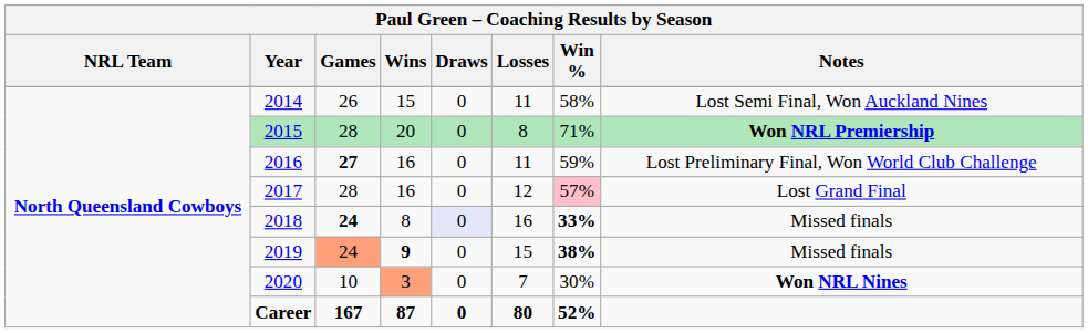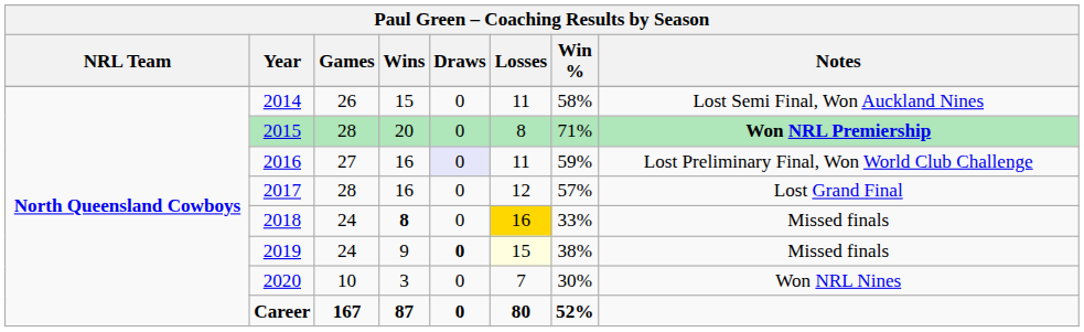 <table class="wikitable">
 <tr border=1 cellpadding=5 cellspacing=0|- align=center style="background:#EFEFEF;">
 </tr>
 <tr>
 <th colspan="8"><strong>Paul Green – Coaching Results by Season</strong></th>
 </tr>
 <tr>
 <th width="200">NRL Team</th>
 <th width="30">Year</th>
 <th width="30">Games</th>
 <th width="30">Wins</th>
 <th width="30">Draws</th>
 <th width="30">Losses</th>
 <th width="30">Win %</th>
 <th width="400">Notes</th>
 </tr>
 <tr align=center>
 </tr>
 <tr align=center style=>
 </tr>
 <tr align=center style=>
 <td rowspan="8"><strong><a href='#'>North Queensland Cowboys</a></strong></td>
 <td><a href='#'>2014</a></td>
 <td>26</td>
 <td>15</td>
 <td>0</td>
 <td>11</td>
 <td>58%</td>
 <td>Lost Semi Final, Won <a href='#'>Auckland Nines</a></td>
 </tr>
 <tr align=center style="background:#afe6ba;">
 <td><a href='#'>2015</a></td>
 <td>28</td>
 <td>20</td>
 <td>0</td>
 <td>8</td>
 <td>71%</td>
 <td><strong>Won <a href='#'>NRL Premiership</a></strong></td>
 </tr>
 <tr align=center>
 <td><a href='#'>2016</a></td>
-<td><strong>27</strong></td>
+<td>27</td>
 <td>16</td>
-<td>0</td>
+<td style="background: lavender;">0</td>
 <td>11</td>
 <td>59%</td>
 <td>Lost Preliminary Final, Won <a href='#'>World Club Challenge</a></td>
 </tr>
 <tr align=center>
 <td><a href='#'>2017</a></td>
 <td>28</td>
 <td>16</td>
 <td>0</td>
 <td>12</td>
-<td style="background: pink;">57%</td>
+<td>57%</td>
 <td>Lost <a href='#'>Grand Final</a></td>
 </tr>
 <tr align=center>
 <td><a href='#'>2018</a></td>
-<td><strong>24</strong></td>
-<td>8</td>
-<td style="background: lavender;">0</td>
-<td>16</td>
-<td><strong>33%</strong></td>
+<td>24</td>
+<td><strong>8</strong></td>
+<td>0</td>
+<td style="background: gold;">16</td>
+<td>33%</td>
 <td>Missed finals</td>
 </tr>
 <tr align=center>
 <td><a href='#'>2019</a></td>
-<td style="background: lightsalmon;">24</td>
-<td><strong>9</strong></td>
-<td>0</td>
-<td>15</td>
-<td><strong>38%</strong></td>
+<td>24</td>
+<td>9</td>
+<td><strong>0</strong></td>
+<td style="background: lightyellow;">15</td>
+<td>38%</td>
 <td>Missed finals</td>
 </tr>
 <tr align=center>
 <td><a href='#'>2020</a></td>
 <td>10</td>
-<td style="background: lightsalmon;">3</td>
+<td>3</td>
 <td>0</td>
 <td>7</td>
 <td>30%</td>
-<td><strong>Won <a href='#'>NRL Nines</a></strong></td>
+<td>Won <a href='#'>NRL Nines</a></td>
 </tr>
 <tr align=center>
 <td><strong>Career</strong></td>
 <td><strong>167</strong></td>
 <td><strong>87</strong></td>
 <td><strong>0</strong></td>
 <td><strong>80</strong></td>
 <td><strong>52%</strong></td>
 <td></td>
 </tr>
 </table>
